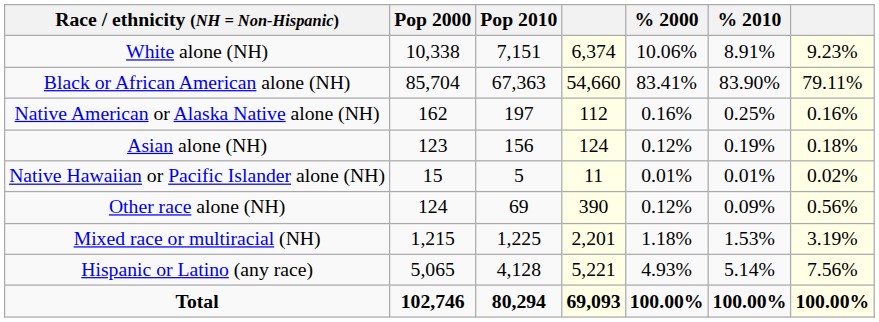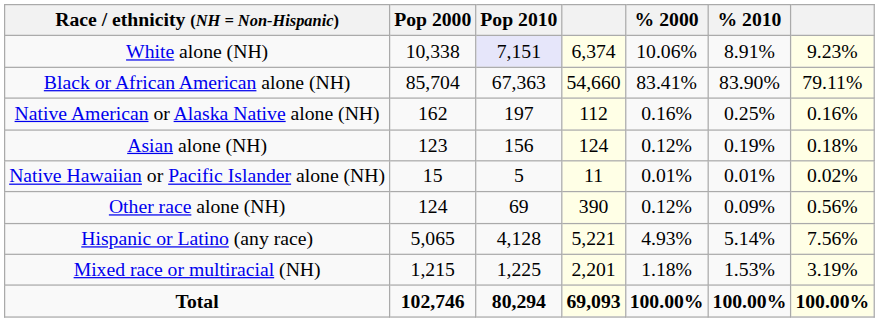 <table class="wikitable" style="text-align:center;">
 <tr>
 <th>Race / ethnicity <small>(<em>NH = Non-Hispanic</em>)</small></th>
 <th>Pop 2000</th>
 <th>Pop 2010</th>
 <th></th>
 <th>% 2000</th>
 <th>% 2010</th>
 <th></th>
 </tr>
 <tr>
 <td><a href='#'>White</a> alone (NH)</td>
 <td>10,338</td>
-<td>7,151</td>
+<td style="background: lavender;">7,151</td>
 <td style='background: #ffffe6;'>6,374</td>
 <td>10.06%</td>
 <td>8.91%</td>
 <td style='background: #ffffe6;'>9.23%</td>
 </tr>
 <tr>
 <td><a href='#'>Black or African American</a> alone (NH)</td>
 <td>85,704</td>
 <td>67,363</td>
 <td style='background: #ffffe6;'>54,660</td>
 <td>83.41%</td>
 <td>83.90%</td>
 <td style='background: #ffffe6;'>79.11%</td>
 </tr>
 <tr>
 <td><a href='#'>Native American</a> or <a href='#'>Alaska Native</a> alone (NH)</td>
 <td>162</td>
 <td>197</td>
 <td style='background: #ffffe6;'>112</td>
 <td>0.16%</td>
 <td>0.25%</td>
 <td style='background: #ffffe6;'>0.16%</td>
 </tr>
 <tr>
 <td><a href='#'>Asian</a> alone (NH)</td>
 <td>123</td>
 <td>156</td>
 <td style='background: #ffffe6;'>124</td>
 <td>0.12%</td>
 <td>0.19%</td>
 <td style='background: #ffffe6;'>0.18%</td>
 </tr>
 <tr>
 <td><a href='#'>Native Hawaiian</a> or <a href='#'>Pacific Islander</a> alone (NH)</td>
 <td>15</td>
 <td>5</td>
 <td style='background: #ffffe6;'>11</td>
 <td>0.01%</td>
 <td>0.01%</td>
 <td style='background: #ffffe6;'>0.02%</td>
 </tr>
 <tr>
 <td><a href='#'>Other race</a> alone (NH)</td>
 <td>124</td>
 <td>69</td>
 <td style='background: #ffffe6;'>390</td>
 <td>0.12%</td>
 <td>0.09%</td>
 <td style='background: #ffffe6;'>0.56%</td>
 </tr>
 <tr>
+<td><a href='#'>Hispanic or Latino</a> (any race)</td>
+<td>5,065</td>
+<td>4,128</td>
+<td style='background: #ffffe6;'>5,221</td>
+<td>4.93%</td>
+<td>5.14%</td>
+<td style='background: #ffffe6;'>7.56%</td>
+</tr>
+<tr>
 <td><a href='#'>Mixed race or multiracial</a> (NH)</td>
 <td>1,215</td>
 <td>1,225</td>
 <td style='background: #ffffe6;'>2,201</td>
 <td>1.18%</td>
 <td>1.53%</td>
 <td style='background: #ffffe6;'>3.19%</td>
-</tr>
-<tr>
-<td><a href='#'>Hispanic or Latino</a> (any race)</td>
-<td>5,065</td>
-<td>4,128</td>
-<td style='background: #ffffe6;'>5,221</td>
-<td>4.93%</td>
-<td>5.14%</td>
-<td style='background: #ffffe6;'>7.56%</td>
 </tr>
 <tr>
 <td><strong>Total</strong></td>
 <td><strong>102,746</strong></td>
 <td><strong>80,294</strong></td>
 <td style='background: #ffffe6;'><strong>69,093</strong></td>
 <td><strong>100.00%</strong></td>
 <td><strong>100.00%</strong></td>
 <td style='background: #ffffe6;'><strong>100.00%</strong></td>
 </tr>
 </table>
